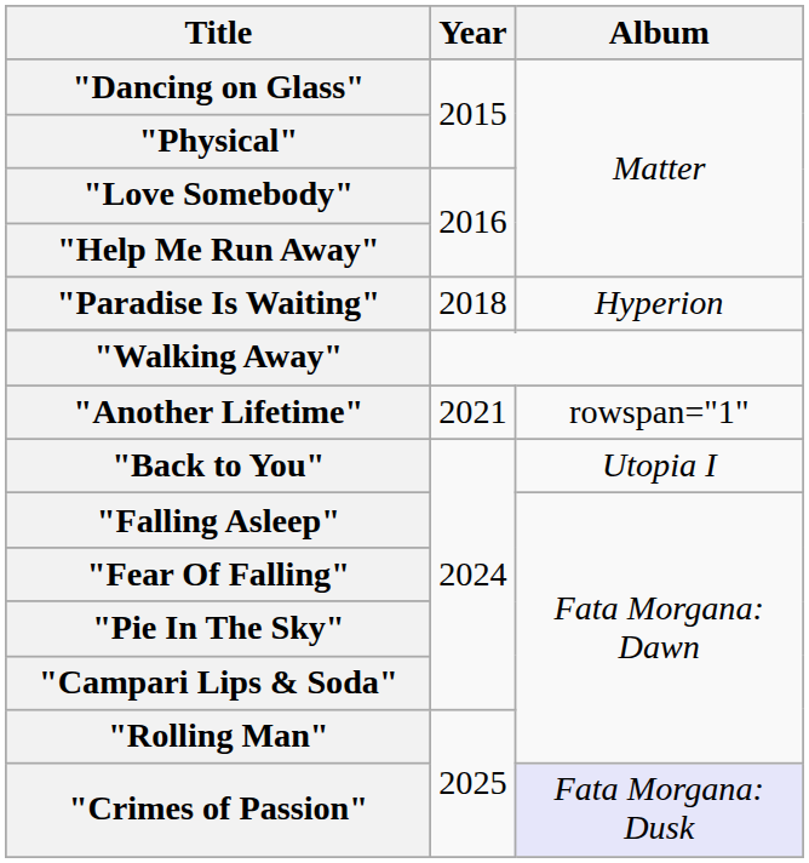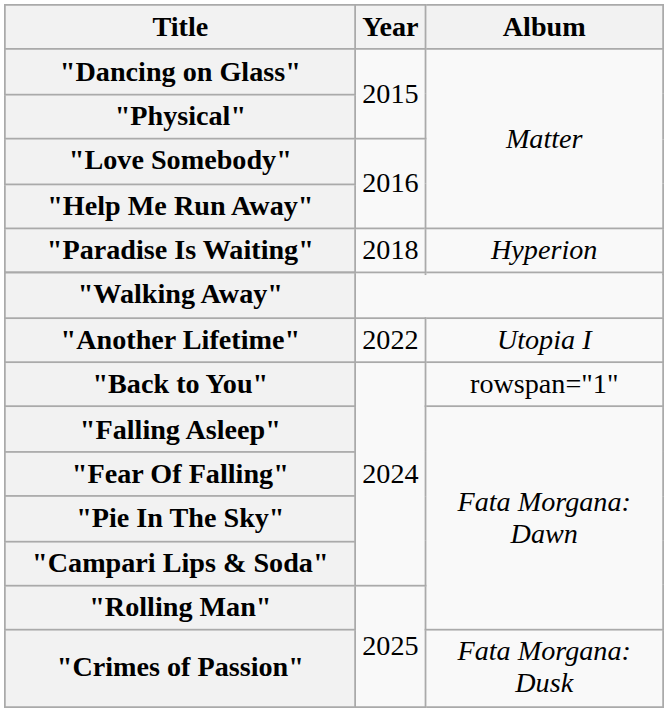 <table class="wikitable plainrowheaders" style="text-align:center;">
 <tr>
 <th scope="col" style="width:12em;">Title</th>
 <th scope="col">Year</th>
 <th scope="col" style="width:8em;">Album</th>
 </tr>
 <tr>
 <th scope="row">"Dancing on Glass"</th>
 <td rowspan="2">2015</td>
 <td rowspan="4"><em>Matter</em></td>
 </tr>
 <tr>
 <th scope="row">"Physical"</th>
 </tr>
 <tr>
 <th scope="row">"Love Somebody"</th>
 <td rowspan="2">2016</td>
 </tr>
 <tr>
 <th scope="row">"Help Me Run Away"</th>
 </tr>
 <tr>
 <th scope="row">"Paradise Is Waiting"</th>
 <td rowspan="2">2018</td>
 <td rowspan="2"><em>Hyperion</em></td>
 </tr>
 <tr>
 </tr>
 <tr>
 <th scope="row">"Walking Away"</th>
 </tr>
 <tr>
 <th scope="row">"Another Lifetime"</th>
-<td>2021</td>
-<td>rowspan="1" </td>
+<td>2022</td>
+<td><em>Utopia I</em></td>
 </tr>
 <tr>
 <th scope="row">"Back to You"</th>
 <td rowspan="5">2024</td>
-<td><em>Utopia I</em></td>
+<td>rowspan="1" </td>
 </tr>
 <tr>
 <th scope="row">"Falling Asleep"</th>
 <td rowspan="5"><em>Fata Morgana: Dawn</em></td>
 </tr>
 <tr>
 <th scope="row">"Fear Of Falling"</th>
 </tr>
 <tr>
 <th scope="row">"Pie In The Sky"</th>
 </tr>
 <tr>
 <th scope="row">"Campari Lips & Soda"</th>
 </tr>
 <tr>
 <th scope="row">"Rolling Man"</th>
 <td rowspan="2">2025</td>
 </tr>
 <tr>
 <th scope="row">"Crimes of Passion"</th>
-<td rowspan="1" style="background: lavender;"><em>Fata Morgana: Dusk</em></td>
+<td rowspan="1"><em>Fata Morgana: Dusk</em></td>
 </tr>
 </table>
